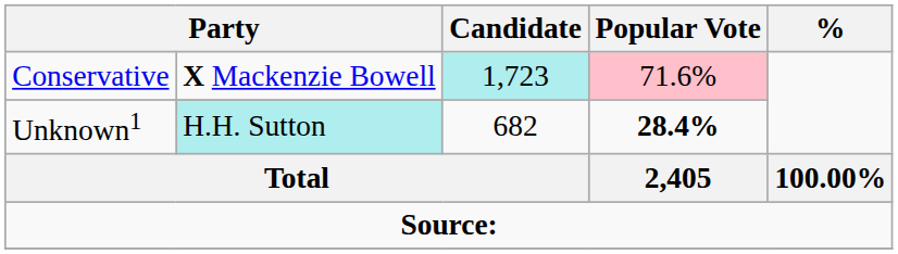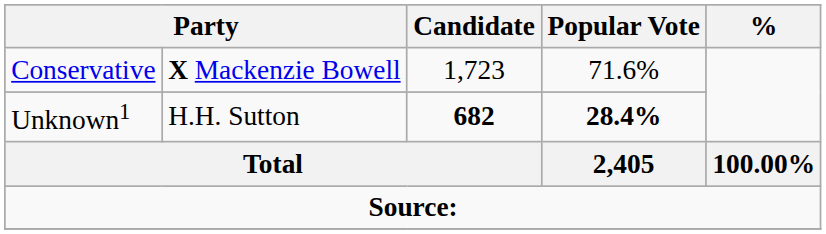 <table class="wikitable">
 <tr>
 <th colspan="2">Party</th>
 <th>Candidate</th>
 <th>Popular Vote</th>
 <th>%</th>
 </tr>
 <tr>
 <td><a href='#'>Conservative</a></td>
 <td> <strong>X</strong> <a href='#'>Mackenzie Bowell</a></td>
-<td align=center style="background: paleturquoise;">1,723</td>
-<td align=center style="background: pink;">71.6%</td>
+<td align=center>1,723</td>
+<td align=center>71.6%</td>
 </tr>
 <tr>
 <td>Unknown<sup>1</sup></td>
-<td style="background: paleturquoise;">H.H. Sutton</td>
-<td align=center>682</td>
+<td>H.H. Sutton</td>
+<td align=center><strong>682</strong></td>
 <td align=center><strong>28.4%</strong></td>
 </tr>
 <tr>
 <th colspan=3 align=center>Total</th>
 <th align=right>2,405</th>
 <th align=right>100.00%</th>
 </tr>
 <tr>
 <td align="center" colspan=5><strong>Source:</strong> </td>
 </tr>
 <tr>
 </tr>
 </table>
